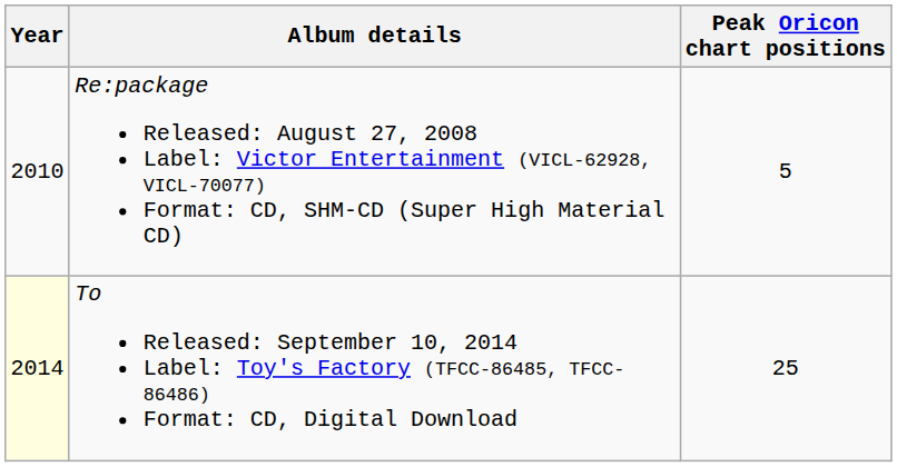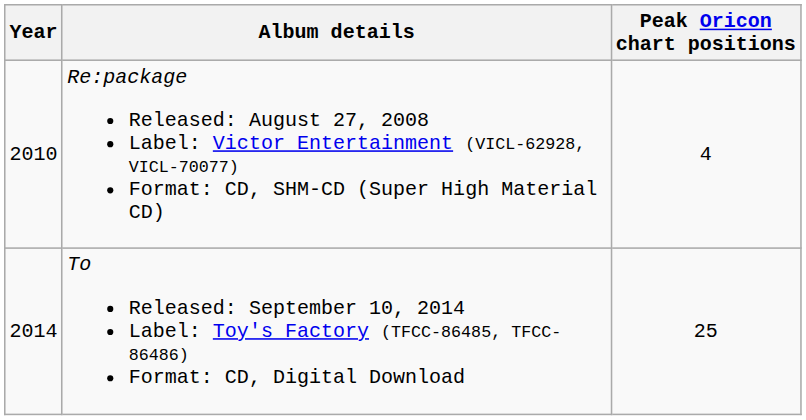 <table class="wikitable" border="1">
 <tr>
 <th rowspan="1">Year</th>
 <th rowspan="1" width="350">Album details</th>
 <th colspan="1">Peak <a href='#'>Oricon</a><br> chart positions</th>
 </tr>
 <tr>
 <td>2010</td>
 <td align="left"><em>Re:package</em><br><ul><li>Released: August 27, 2008</li><li>Label: <a href='#'>Victor Entertainment</a> <small>(VICL-62928, VICL-70077)</small></li><li>Format: CD, SHM-CD (Super High Material CD)</li></ul></td>
-<td align="center">5</td>
+<td align="center">4</td>
 </tr>
 <tr>
-<td style="background: lightyellow;">2014</td>
+<td>2014</td>
 <td align="left"><em>To</em><br><ul><li>Released: September 10, 2014</li><li>Label: <a href='#'>Toy's Factory</a> <small>(TFCC-86485, TFCC-86486)</small></li><li>Format: CD, Digital Download</li></ul></td>
 <td align="center">25</td>
 </tr>
 </table>
